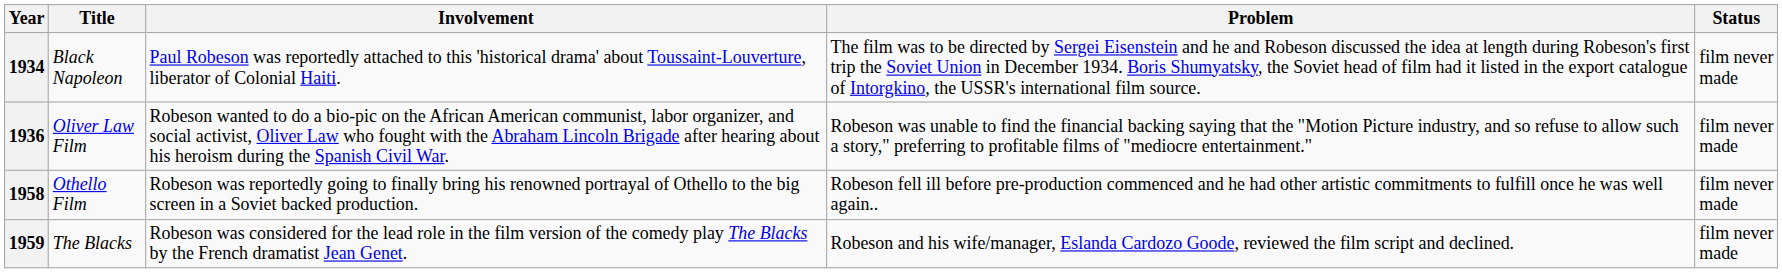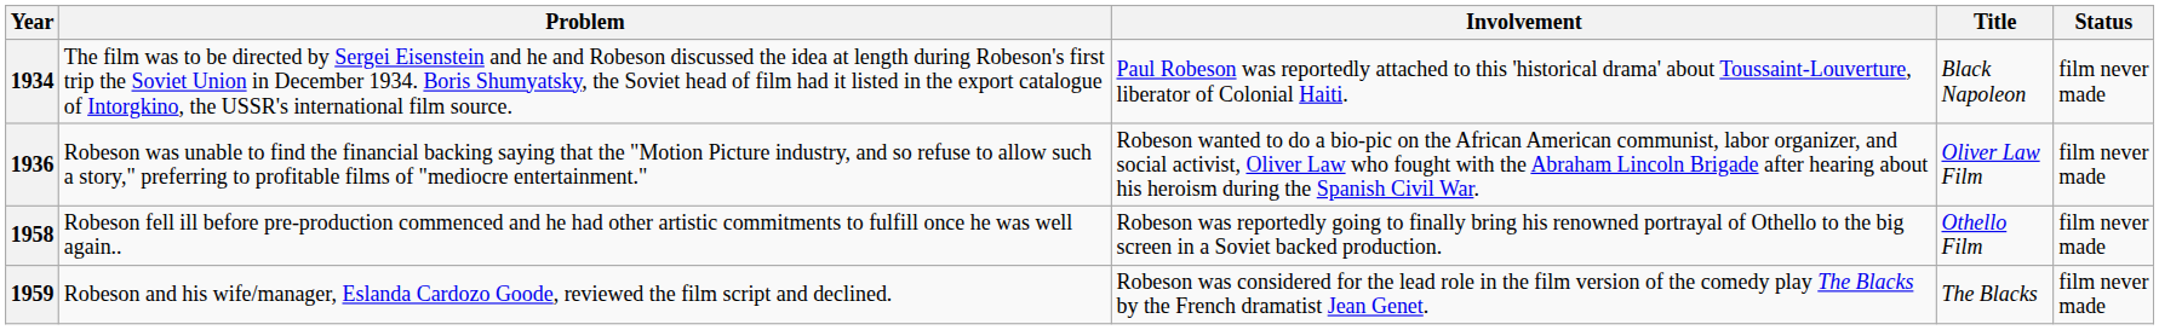 <table class="wikitable plainrowheaders sortable" style="margin-right: 0;">
 <tr>
 <th scope="col">Year</th>
+<th scope="col">Problem</th>
+<th scope="col">Involvement</th>
 <th scope="col">Title</th>
-<th scope="col">Involvement</th>
-<th scope="col">Problem</th>
 <th scope="col">Status</th>
 </tr>
 <tr>
 <th scope="row">1934</th>
+<td>The film was to be directed by <a href='#'>Sergei Eisenstein</a> and he and Robeson discussed the idea at length during Robeson's first trip the <a href='#'>Soviet Union</a> in December 1934. <a href='#'>Boris Shumyatsky</a>, the Soviet head of film had it listed in the export catalogue of <a href='#'>Intorgkino</a>, the USSR's international film source.</td>
+<td><a href='#'>Paul Robeson</a> was reportedly attached to this 'historical drama' about <a href='#'>Toussaint-Louverture</a>, liberator of Colonial <a href='#'>Haiti</a>.</td>
 <td><em>Black Napoleon</em></td>
-<td><a href='#'>Paul Robeson</a> was reportedly attached to this 'historical drama' about <a href='#'>Toussaint-Louverture</a>, liberator of Colonial <a href='#'>Haiti</a>.</td>
-<td>The film was to be directed by <a href='#'>Sergei Eisenstein</a> and he and Robeson discussed the idea at length during Robeson's first trip the <a href='#'>Soviet Union</a> in December 1934. <a href='#'>Boris Shumyatsky</a>, the Soviet head of film had it listed in the export catalogue of <a href='#'>Intorgkino</a>, the USSR's international film source.</td>
 <td>film never made</td>
 </tr>
 <tr>
 <th scope="row">1936</th>
+<td>Robeson was unable to find the financial backing saying that the "Motion Picture industry, and so refuse to allow such a story," preferring to profitable films of "mediocre entertainment."</td>
+<td>Robeson wanted to do a bio-pic on the African American communist, labor organizer, and social activist, <a href='#'>Oliver Law</a> who fought with the <a href='#'>Abraham Lincoln Brigade</a> after hearing about his heroism during the <a href='#'>Spanish Civil War</a>.</td>
 <td><em><a href='#'>Oliver Law</a> Film</em></td>
-<td>Robeson wanted to do a bio-pic on the African American communist, labor organizer, and social activist, <a href='#'>Oliver Law</a> who fought with the <a href='#'>Abraham Lincoln Brigade</a> after hearing about his heroism during the <a href='#'>Spanish Civil War</a>.</td>
-<td>Robeson was unable to find the financial backing saying that the "Motion Picture industry, and so refuse to allow such a story," preferring to profitable films of "mediocre entertainment."</td>
 <td>film never made</td>
 </tr>
 <tr>
 <th scope="row">1958</th>
+<td>Robeson fell ill before pre-production commenced and he had other artistic commitments to fulfill once he was well again..</td>
+<td>Robeson was reportedly going to finally bring his renowned portrayal of Othello to the big screen in a Soviet backed production.</td>
 <td><em><a href='#'>Othello</a> Film</em></td>
-<td>Robeson was reportedly going to finally bring his renowned portrayal of Othello to the big screen in a Soviet backed production.</td>
-<td>Robeson fell ill before pre-production commenced and he had other artistic commitments to fulfill once he was well again..</td>
 <td>film never made</td>
 </tr>
 <tr>
 <th scope="row">1959</th>
+<td>Robeson and his wife/manager, <a href='#'>Eslanda Cardozo Goode</a>, reviewed the film script and declined.</td>
+<td>Robeson was considered for the lead role in the film version of the comedy play <em><a href='#'> The Blacks</a></em> by the French dramatist <a href='#'>Jean Genet</a>.</td>
 <td><em>The Blacks</em></td>
-<td>Robeson was considered for the lead role in the film version of the comedy play <em><a href='#'> The Blacks</a></em> by the French dramatist <a href='#'>Jean Genet</a>.</td>
-<td>Robeson and his wife/manager, <a href='#'>Eslanda Cardozo Goode</a>, reviewed the film script and declined.</td>
 <td>film never made</td>
 </tr>
 </table>
